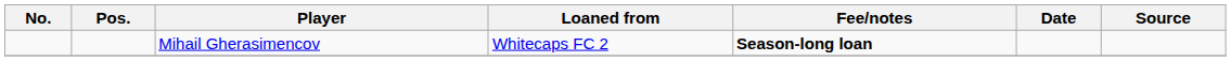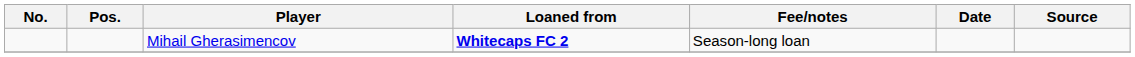 <table class="wikitable sortable" style="width:90%; text-align:center; font-size:95%; text-align:left;">
 <tr>
 <th>No.</th>
 <th>Pos.</th>
 <th>Player</th>
 <th>Loaned from</th>
 <th>Fee/notes</th>
 <th>Date</th>
 <th>Source</th>
 </tr>
 <tr>
 <td align=center></td>
 <td align=center></td>
 <td align=Gherasimencov, Mihail> <a href='#'>Mihail Gherasimencov</a></td>
-<td> <a href='#'>Whitecaps FC 2</a></td>
-<td><strong>Season-long loan</strong></td>
+<td><strong> <a href='#'>Whitecaps FC 2</a></strong></td>
+<td>Season-long loan</td>
 <td></td>
 <td></td>
 </tr>
 <tr>
 </tr>
 </table>
